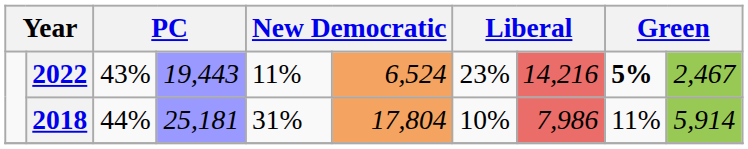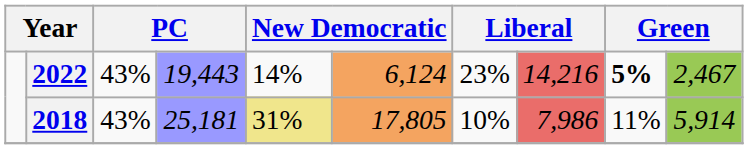 <table class="wikitable" style="float:right; width:400; font-size:90%; margin-left:1em;">
 <tr>
 <th colspan="2" scope="col">Year</th>
 <th colspan="2" scope="col"><a href='#'>PC</a></th>
 <th colspan="2" scope="col"><a href='#'>New Democratic</a></th>
 <th colspan="2" scope="col"><a href='#'>Liberal</a></th>
 <th colspan="2" scope="col"><a href='#'>Green</a></th>
 </tr>
 <tr>
 <td rowspan="2" style="width: 0.25em; background-color: "></td>
 <th><a href='#'>2022</a></th>
 <td>43%</td>
 <td style="text-align:right; background:#9999FF;"><em>19,443</em></td>
-<td>11%</td>
-<td style="text-align:right; background:#F4A460;"><em>6,524</em></td>
+<td>14%</td>
+<td style="text-align:right; background:#F4A460;"><em>6,124</em></td>
 <td>23%</td>
 <td style="text-align:right; background:#EA6D6A;"><em>14,216</em></td>
 <td><strong>5%</strong></td>
 <td style="text-align:right; background:#99C955;"><em>2,467</em></td>
 </tr>
 <tr>
 <th><a href='#'>2018</a></th>
-<td>44%</td>
+<td>43%</td>
 <td style="text-align:right; background:#9999FF;"><em>25,181</em></td>
-<td>31%</td>
-<td style="text-align:right; background:#F4A460;"><em>17,804</em></td>
+<td style="background: khaki;">31%</td>
+<td style="text-align:right; background:#F4A460;"><em>17,805</em></td>
 <td>10%</td>
 <td style="text-align:right; background:#EA6D6A;"><em>7,986</em></td>
 <td>11%</td>
 <td style="text-align:right; background:#99C955;"><em>5,914</em></td>
 </tr>
 <tr>
 </tr>
 </table>
